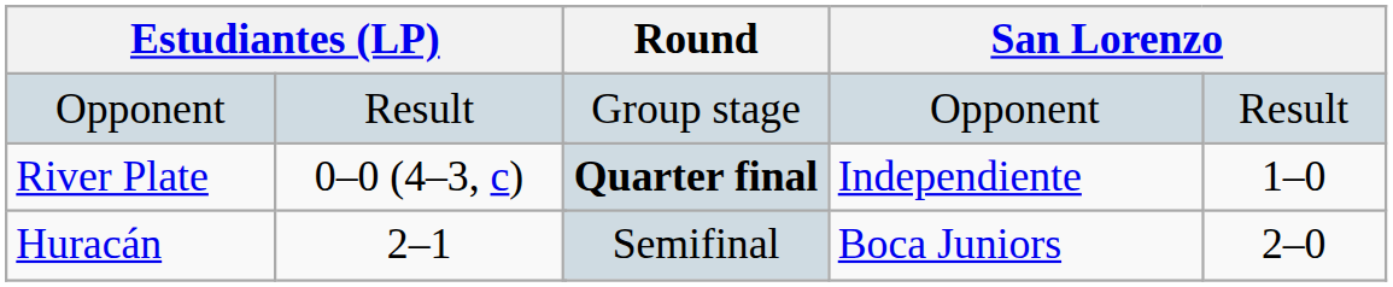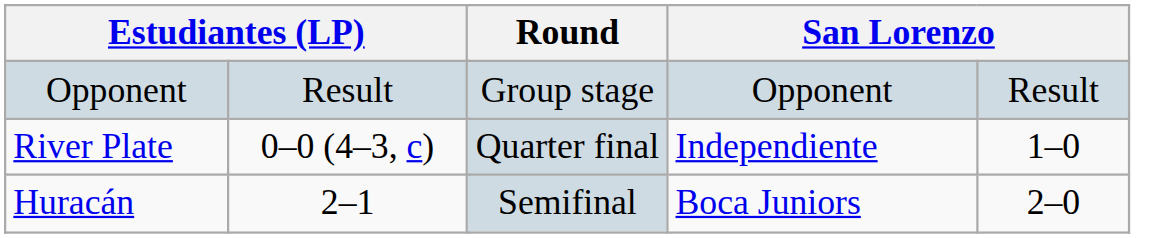 <table class="wikitable" style="text-align:center;">
 <tr>
 <th colspan=3 width=200px><a href='#'>Estudiantes (LP)</a></th>
 <th>Round</th>
 <th colspan=3 width=200px><a href='#'>San Lorenzo</a></th>
 </tr>
 <tr bgcolor= #CFDBE2>
 <td width= x>Opponent</td>
 <td colspan=2>Result</td>
 <td>Group stage</td>
 <td width= px>Opponent</td>
 <td colspan=2>Result</td>
 </tr>
 <tr>
 <td align=left><a href='#'>River Plate</a></td>
 <td colspan=2>0–0 (4–3, <a href='#'>c</a>)</td>
-<td bgcolor= #CFDBE2><strong>Quarter final</strong></td>
+<td bgcolor= #CFDBE2>Quarter final</td>
 <td align=left><a href='#'>Independiente</a></td>
 <td colspan=2>1–0</td>
 </tr>
 <tr>
 <td align=left><a href='#'>Huracán</a></td>
 <td colspan=2>2–1</td>
 <td bgcolor= #CFDBE2>Semifinal</td>
 <td align=left><a href='#'>Boca Juniors</a></td>
 <td colspan=2>2–0</td>
 </tr>
 </table>
